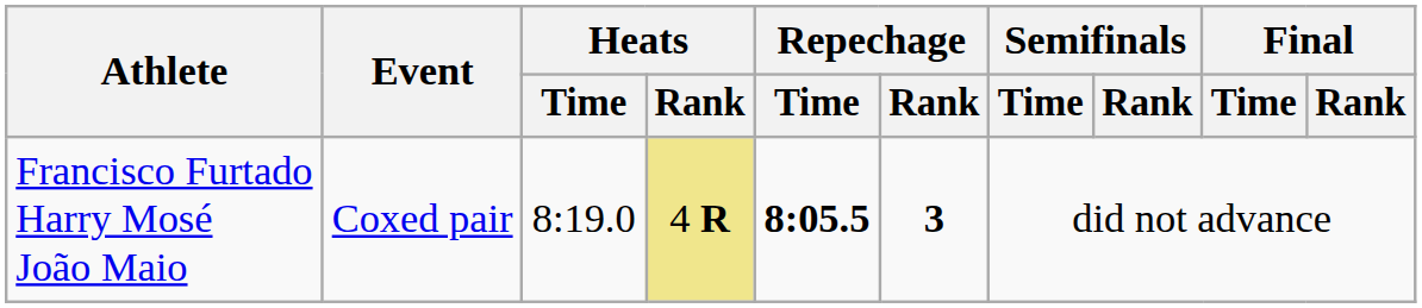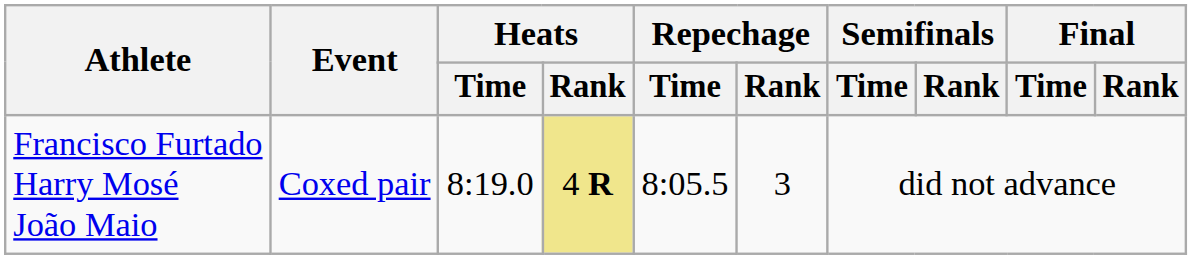 <table class="wikitable" style="font-size:90%">
 <tr>
 <th rowspan="2">Athlete</th>
 <th rowspan="2">Event</th>
 <th colspan="2">Heats</th>
 <th colspan="2">Repechage</th>
 <th colspan="2">Semifinals</th>
 <th colspan="2">Final</th>
 </tr>
 <tr style="font-size:95%">
 <th>Time</th>
 <th>Rank</th>
 <th>Time</th>
 <th>Rank</th>
 <th>Time</th>
 <th>Rank</th>
 <th>Time</th>
 <th>Rank</th>
 </tr>
 <tr align=center>
 <td align=left><a href='#'>Francisco Furtado</a><br><a href='#'>Harry Mosé</a><br><a href='#'>João Maio</a></td>
 <td align=left><a href='#'>Coxed pair</a></td>
 <td>8:19.0</td>
 <td style="background: khaki;">4 <strong>R</strong></td>
-<td><strong>8:05.5</strong></td>
-<td><strong>3</strong></td>
+<td>8:05.5</td>
+<td>3</td>
 <td colspan="4"  align="center">did not advance</td>
 </tr>
 </table>
